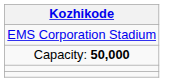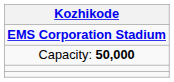 <table class="wikitable" style="text-align:center;">
 <tr>
 <th><a href='#'>Kozhikode</a></th>
 </tr>
 <tr>
-<td><a href='#'>EMS Corporation Stadium</a></td>
+<td><strong><a href='#'>EMS Corporation Stadium</a></strong></td>
 </tr>
 <tr>
 <td>Capacity: <strong>50,000</strong></td>
 </tr>
 <tr>
 <td></td>
 </tr>
 <tr>
 <td></td>
 </tr>
 </table>
